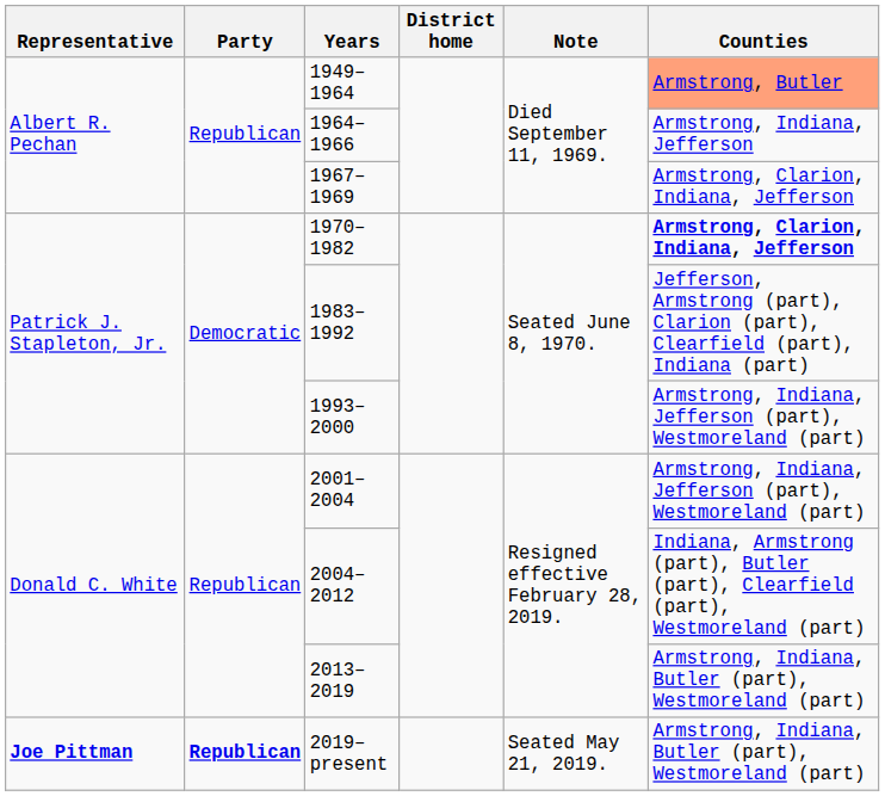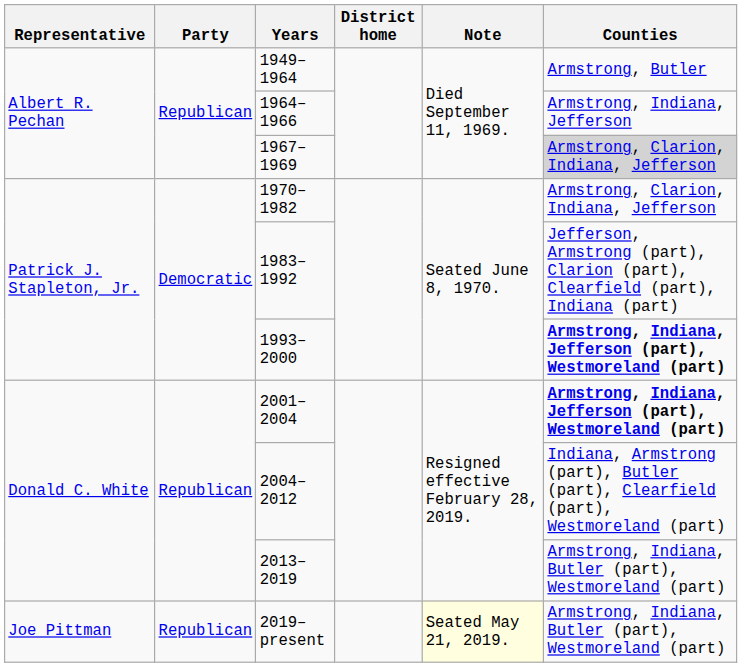 <table class=wikitable>
 <tr valign=bottom>
 <th>Representative</th>
 <th>Party</th>
 <th>Years</th>
 <th>District home</th>
 <th>Note</th>
 <th>Counties</th>
 </tr>
 <tr>
 <td rowspan=3><a href='#'>Albert R. Pechan</a></td>
 <td rowspan=3><a href='#'>Republican</a></td>
 <td>1949–1964</td>
 <td rowspan=3> </td>
 <td rowspan=3>Died September 11, 1969.</td>
-<td style="background: lightsalmon;"><a href='#'>Armstrong</a>, <a href='#'>Butler</a></td>
+<td><a href='#'>Armstrong</a>, <a href='#'>Butler</a></td>
 </tr>
 <tr>
 <td>1964–1966</td>
 <td><a href='#'>Armstrong</a>, <a href='#'>Indiana</a>, <a href='#'>Jefferson</a></td>
 </tr>
 <tr>
 <td>1967–1969</td>
-<td><a href='#'>Armstrong</a>, <a href='#'>Clarion</a>, <a href='#'>Indiana</a>, <a href='#'>Jefferson</a></td>
+<td style="background: lightgrey;"><a href='#'>Armstrong</a>, <a href='#'>Clarion</a>, <a href='#'>Indiana</a>, <a href='#'>Jefferson</a></td>
 </tr>
 <tr>
 <td rowspan=3><a href='#'>Patrick J. Stapleton, Jr.</a></td>
 <td rowspan=3><a href='#'>Democratic</a></td>
 <td>1970–1982</td>
 <td rowspan=3> </td>
 <td rowspan=3>Seated June 8, 1970.</td>
-<td><strong><a href='#'>Armstrong</a>, <a href='#'>Clarion</a>, <a href='#'>Indiana</a>, <a href='#'>Jefferson</a></strong></td>
+<td><a href='#'>Armstrong</a>, <a href='#'>Clarion</a>, <a href='#'>Indiana</a>, <a href='#'>Jefferson</a></td>
 </tr>
 <tr>
 <td>1983–1992</td>
 <td><a href='#'>Jefferson</a>, <a href='#'>Armstrong</a> (part), <a href='#'>Clarion</a> (part), <a href='#'>Clearfield</a> (part), <a href='#'>Indiana</a> (part)</td>
 </tr>
 <tr>
 <td>1993–2000</td>
-<td><a href='#'>Armstrong</a>, <a href='#'>Indiana</a>, <a href='#'>Jefferson</a> (part), <a href='#'>Westmoreland</a> (part)</td>
+<td><strong><a href='#'>Armstrong</a>, <a href='#'>Indiana</a>, <a href='#'>Jefferson</a> (part), <a href='#'>Westmoreland</a> (part)</strong></td>
 </tr>
 <tr>
 <td rowspan=3><a href='#'>Donald C. White</a></td>
 <td rowspan=3><a href='#'>Republican</a></td>
 <td>2001–2004</td>
 <td rowspan=3> </td>
 <td rowspan=3>Resigned effective February 28, 2019.</td>
-<td><a href='#'>Armstrong</a>, <a href='#'>Indiana</a>, <a href='#'>Jefferson</a> (part), <a href='#'>Westmoreland</a> (part)</td>
+<td><strong><a href='#'>Armstrong</a>, <a href='#'>Indiana</a>, <a href='#'>Jefferson</a> (part), <a href='#'>Westmoreland</a> (part)</strong></td>
 </tr>
 <tr>
 <td>2004–2012</td>
 <td><a href='#'>Indiana</a>, <a href='#'>Armstrong</a> (part), <a href='#'>Butler</a> (part), <a href='#'>Clearfield</a> (part), <a href='#'>Westmoreland</a> (part)</td>
 </tr>
 <tr>
 <td>2013–2019</td>
 <td><a href='#'>Armstrong</a>, <a href='#'>Indiana</a>, <a href='#'>Butler</a> (part), <a href='#'>Westmoreland</a> (part)</td>
 </tr>
 <tr>
-<td><strong><a href='#'>Joe Pittman</a></strong></td>
-<td><strong><a href='#'>Republican</a></strong></td>
+<td><a href='#'>Joe Pittman</a></td>
+<td><a href='#'>Republican</a></td>
 <td>2019–present</td>
 <td rowspan=3> </td>
-<td>Seated May 21, 2019.</td>
+<td style="background: lightyellow;">Seated May 21, 2019.</td>
 <td><a href='#'>Armstrong</a>, <a href='#'>Indiana</a>, <a href='#'>Butler</a> (part), <a href='#'>Westmoreland</a> (part)</td>
 </tr>
 </table>
